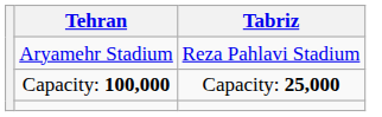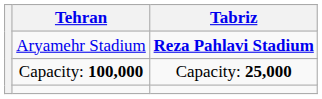 <table class="wikitable" style="text-align:center">
 <tr>
 <th rowspan="4"></th>
 <th><a href='#'>Tehran</a></th>
 <th><a href='#'>Tabriz</a></th>
 </tr>
 <tr>
 <td><a href='#'>Aryamehr Stadium</a></td>
-<td><a href='#'>Reza Pahlavi Stadium</a></td>
+<td><strong><a href='#'>Reza Pahlavi Stadium</a></strong></td>
 </tr>
 <tr>
 <td>Capacity: <strong>100,000</strong></td>
 <td>Capacity: <strong>25,000</strong></td>
 </tr>
 <tr>
 <td></td>
 <td></td>
 </tr>
 </table>
